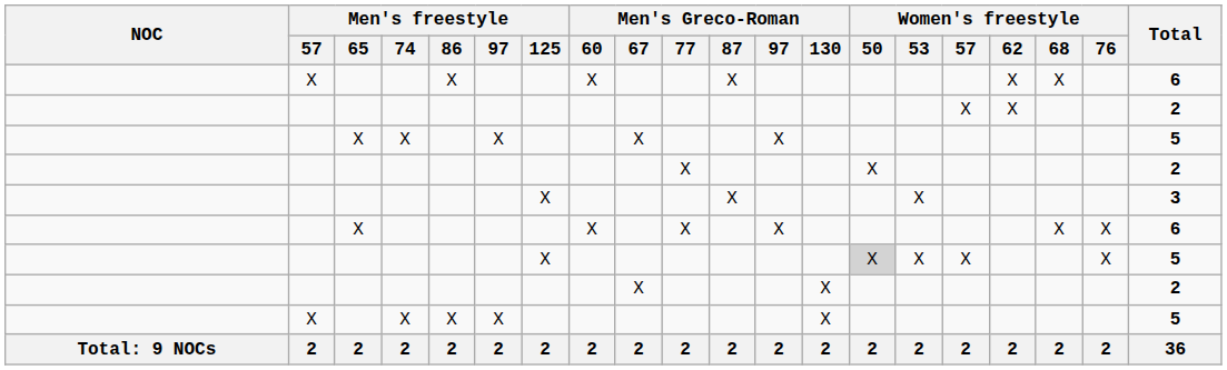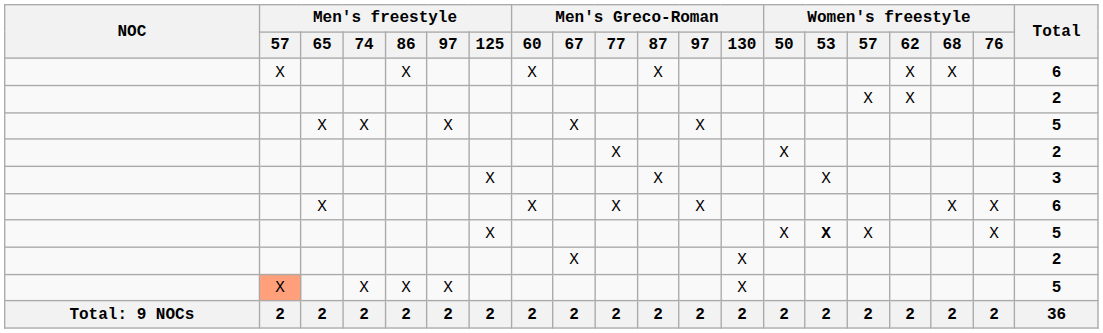 <table class="wikitable" style="text-align:center; font-size:90%">
 <tr>
 <th rowspan="2" width=180 style="text-align:center;">NOC</th>
 <th colspan="6">Men's freestyle</th>
 <th colspan="6">Men's Greco-Roman</th>
 <th colspan=6>Women's freestyle</th>
 <th ! width=55 rowspan="2">Total</th>
 </tr>
 <tr>
 <th width="25">57</th>
 <th width="25">65</th>
 <th width="25">74</th>
 <th width="25">86</th>
 <th width="25">97</th>
 <th width="25">125</th>
 <th width="25">60</th>
 <th width="25">67</th>
 <th width="25">77</th>
 <th width="25">87</th>
 <th width="25">97</th>
 <th width="25">130</th>
 <th width="25">50</th>
 <th width="25">53</th>
 <th width="25">57</th>
 <th width="25">62</th>
 <th width="25">68</th>
 <th width="25">76</th>
 </tr>
 <tr>
 <td align="left"></td>
 <td>X</td>
 <td></td>
 <td></td>
 <td>X</td>
 <td></td>
 <td></td>
 <td>X</td>
 <td></td>
 <td></td>
 <td>X</td>
 <td></td>
 <td></td>
 <td></td>
 <td></td>
 <td></td>
 <td>X</td>
 <td>X</td>
 <td></td>
 <td><strong>6</strong></td>
 </tr>
 <tr>
 <td align="left"></td>
 <td></td>
 <td></td>
 <td></td>
 <td></td>
 <td></td>
 <td></td>
 <td></td>
 <td></td>
 <td></td>
 <td></td>
 <td></td>
 <td></td>
 <td></td>
 <td></td>
 <td>X</td>
 <td>X</td>
 <td></td>
 <td></td>
 <td><strong>2</strong></td>
 </tr>
 <tr>
 <td align="left"></td>
 <td></td>
 <td>X</td>
 <td>X</td>
 <td></td>
 <td>X</td>
 <td></td>
 <td></td>
 <td>X</td>
 <td></td>
 <td></td>
 <td>X</td>
 <td></td>
 <td></td>
 <td></td>
 <td></td>
 <td></td>
 <td></td>
 <td></td>
 <td><strong>5</strong></td>
 </tr>
 <tr>
 <td align="left"></td>
 <td></td>
 <td></td>
 <td></td>
 <td></td>
 <td></td>
 <td></td>
 <td></td>
 <td></td>
 <td>X</td>
 <td></td>
 <td></td>
 <td></td>
 <td>X</td>
 <td></td>
 <td></td>
 <td></td>
 <td></td>
 <td></td>
 <td><strong>2</strong></td>
 </tr>
 <tr>
 <td align="left"></td>
 <td></td>
 <td></td>
 <td></td>
 <td></td>
 <td></td>
 <td>X</td>
 <td></td>
 <td></td>
 <td></td>
 <td>X</td>
 <td></td>
 <td></td>
 <td></td>
 <td>X</td>
 <td></td>
 <td></td>
 <td></td>
 <td></td>
 <td><strong>3</strong></td>
 </tr>
 <tr>
 <td align="left"></td>
 <td></td>
 <td>X</td>
 <td></td>
 <td></td>
 <td></td>
 <td></td>
 <td>X</td>
 <td></td>
 <td>X</td>
 <td></td>
 <td>X</td>
 <td></td>
 <td></td>
 <td></td>
 <td></td>
 <td></td>
 <td>X</td>
 <td>X</td>
 <td><strong>6</strong></td>
 </tr>
 <tr>
 <td align="left"></td>
 <td></td>
 <td></td>
 <td></td>
 <td></td>
 <td></td>
 <td>X</td>
 <td></td>
 <td></td>
 <td></td>
 <td></td>
 <td></td>
 <td></td>
-<td style="background: lightgrey;">X</td>
 <td>X</td>
+<td><strong>X</strong></td>
 <td>X</td>
 <td></td>
 <td></td>
 <td>X</td>
 <td><strong>5</strong></td>
 </tr>
 <tr>
 <td align="left"></td>
 <td></td>
 <td></td>
 <td></td>
 <td></td>
 <td></td>
 <td></td>
 <td></td>
 <td>X</td>
 <td></td>
 <td></td>
 <td></td>
 <td>X</td>
 <td></td>
 <td></td>
 <td></td>
 <td></td>
 <td></td>
 <td></td>
 <td><strong>2</strong></td>
 </tr>
 <tr>
 <td align="left"></td>
-<td>X</td>
+<td style="background: lightsalmon;">X</td>
 <td></td>
 <td>X</td>
 <td>X</td>
 <td>X</td>
 <td></td>
 <td></td>
 <td></td>
 <td></td>
 <td></td>
 <td></td>
 <td>X</td>
 <td></td>
 <td></td>
 <td></td>
 <td></td>
 <td></td>
 <td></td>
 <td><strong>5</strong></td>
 </tr>
 <tr>
 <th>Total: 9 NOCs</th>
 <th>2</th>
 <th>2</th>
 <th>2</th>
 <th>2</th>
 <th>2</th>
 <th>2</th>
 <th>2</th>
 <th>2</th>
 <th>2</th>
 <th>2</th>
 <th>2</th>
 <th>2</th>
 <th>2</th>
 <th>2</th>
 <th>2</th>
 <th>2</th>
 <th>2</th>
 <th>2</th>
 <th>36</th>
 </tr>
 </table>
